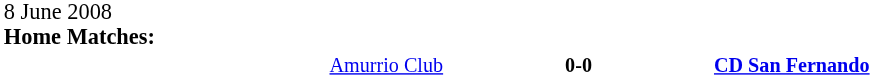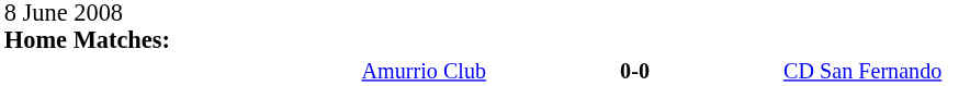 <table width=100% cellspacing=1>
 <tr>
 <th width=20%></th>
 <th width=12%></th>
 <th width=20%></th>
 <th></th>
 </tr>
 <tr>
 <td>8 June 2008<br><strong>Home Matches:</strong></td>
 </tr>
 <tr style=font-size:90%>
 <td align=right><a href='#'>Amurrio Club</a></td>
 <td align=center><strong>0-0</strong></td>
-<td><strong><a href='#'>CD San Fernando</a></strong></td>
+<td><a href='#'>CD San Fernando</a></td>
 </tr>
 </table>
